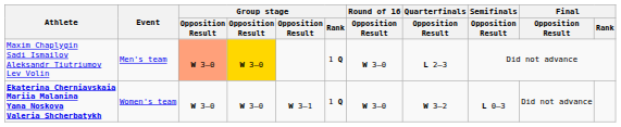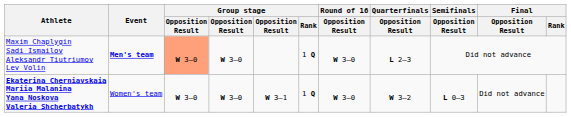 <table class="wikitable" style="text-align:center; font-size:90%">
 <tr>
 <th rowspan=2>Athlete</th>
 <th rowspan=2>Event</th>
 <th colspan=4>Group stage</th>
 <th>Round of 16</th>
 <th>Quarterfinals</th>
 <th>Semifinals</th>
 <th colspan=2>Final</th>
 </tr>
 <tr style="font-size:95%">
 <th>Opposition<br>Result</th>
 <th>Opposition<br>Result</th>
 <th>Opposition<br>Result</th>
 <th>Rank</th>
 <th>Opposition<br>Result</th>
 <th>Opposition<br>Result</th>
 <th>Opposition<br>Result</th>
 <th>Opposition<br>Result</th>
 <th>Rank</th>
 </tr>
 <tr>
 <td align=left><a href='#'>Maxim Chaplygin</a><br><a href='#'>Sadi Ismailov</a><br><a href='#'>Aleksandr Tiutriumov</a><br><a href='#'>Lev Volin</a></td>
-<td align=left><a href='#'>Men's team</a></td>
+<td align=left><strong><a href='#'>Men's team</a></strong></td>
 <td style="background: lightsalmon;"><br><strong>W</strong> 3–0</td>
-<td style="background: gold;"><br><strong>W</strong> 3–0</td>
+<td><br><strong>W</strong> 3–0</td>
 <td></td>
 <td>1 <strong>Q</strong></td>
 <td><br><strong>W</strong> 3–0</td>
 <td><br><strong>L</strong> 2–3</td>
 <td colspan=3>Did not advance</td>
 </tr>
 <tr>
 <td align=left><strong><a href='#'>Ekaterina Cherniavskaia</a><br><a href='#'>Mariia Malanina</a><br><a href='#'>Yana Noskova</a><br><a href='#'>Valeria Shcherbatykh</a></strong></td>
 <td align=left><a href='#'>Women's team</a></td>
 <td><br><strong>W</strong> 3–0</td>
 <td><br><strong>W</strong> 3–0</td>
 <td><br><strong>W</strong> 3–1</td>
 <td>1 <strong>Q</strong></td>
 <td><br><strong>W</strong> 3–0</td>
 <td><br><strong>W</strong> 3–2</td>
 <td><br><strong>L</strong> 0–3</td>
 <td>Did not advance</td>
 <td></td>
 </tr>
 </table>
